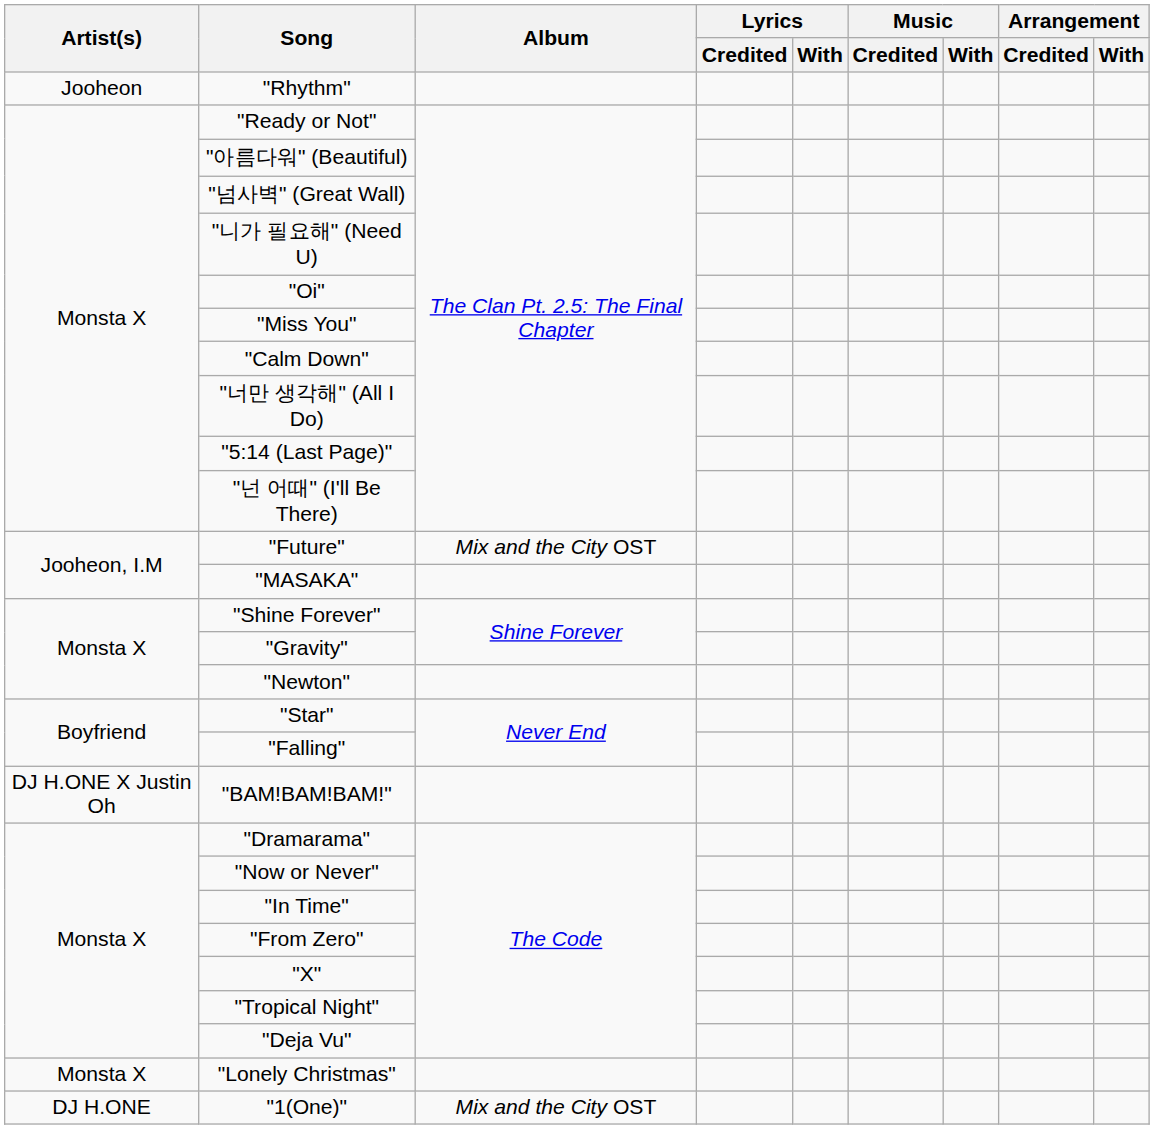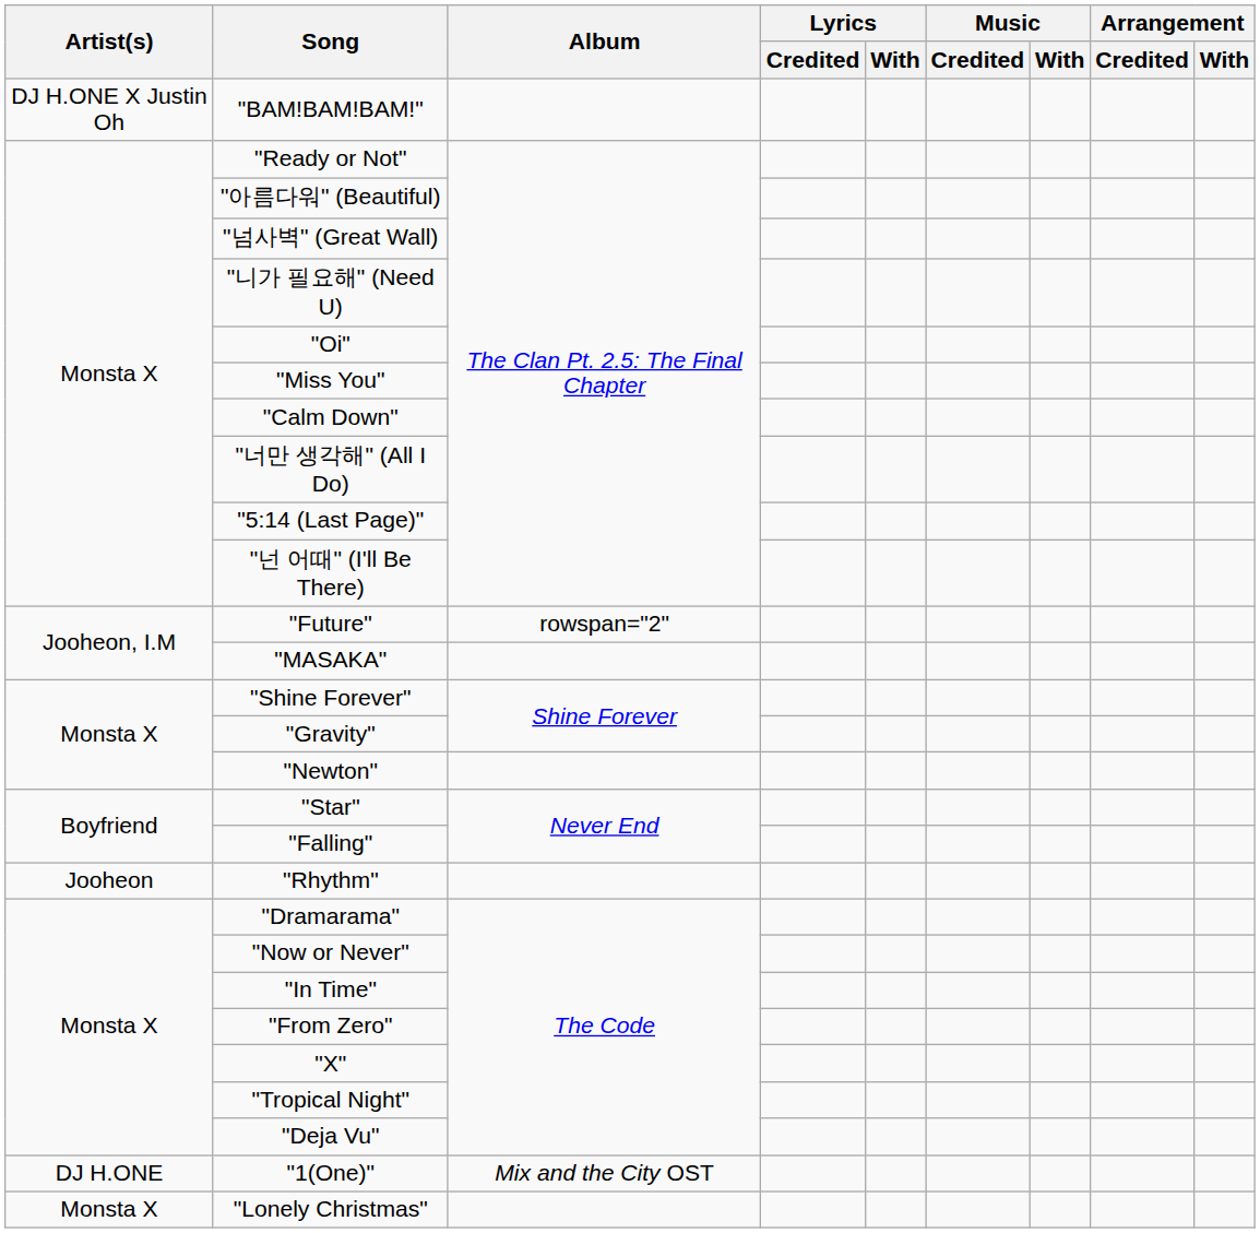 <table class="wikitable" style="text-align: center;">
 <tr>
 <th rowspan="2">Artist(s)</th>
 <th rowspan="2">Song</th>
 <th rowspan="2">Album</th>
 <th colspan="2">Lyrics</th>
 <th colspan="2">Music</th>
 <th colspan="2">Arrangement</th>
 </tr>
 <tr>
 <th>Credited</th>
 <th>With</th>
 <th>Credited</th>
 <th>With</th>
 <th>Credited</th>
 <th>With</th>
 </tr>
 <tr>
-<td>Jooheon</td>
-<td>"Rhythm"</td>
+<td>DJ H.ONE X Justin Oh </td>
+<td>"BAM!BAM!BAM!"</td>
 <td></td>
 <td></td>
 <td></td>
 <td></td>
 <td></td>
 <td></td>
 <td></td>
 </tr>
 <tr>
 <td rowspan="10">Monsta X</td>
 <td>"Ready or Not"</td>
 <td rowspan="10"><em><a href='#'>The Clan Pt. 2.5: The Final Chapter</a></em></td>
 <td></td>
 <td></td>
 <td></td>
 <td></td>
 <td></td>
 <td></td>
 </tr>
 <tr>
 <td>"아름다워" (Beautiful)</td>
 <td></td>
 <td></td>
 <td></td>
 <td></td>
 <td></td>
 <td></td>
 </tr>
 <tr>
 <td>"넘사벽" (Great Wall)</td>
 <td></td>
 <td></td>
 <td></td>
 <td></td>
 <td></td>
 <td></td>
 </tr>
 <tr>
 <td>"니가 필요해" (Need U)</td>
 <td></td>
 <td></td>
 <td></td>
 <td></td>
 <td></td>
 <td></td>
 </tr>
 <tr>
 <td>"Oi"</td>
 <td></td>
 <td></td>
 <td></td>
 <td></td>
 <td></td>
 <td></td>
 </tr>
 <tr>
 <td>"Miss You"</td>
 <td></td>
 <td></td>
 <td></td>
 <td></td>
 <td></td>
 <td></td>
 </tr>
 <tr>
 <td>"Calm Down"</td>
 <td></td>
 <td></td>
 <td></td>
 <td></td>
 <td></td>
 <td></td>
 </tr>
 <tr>
 <td>"너만 생각해" (All I Do)</td>
 <td></td>
 <td></td>
 <td></td>
 <td></td>
 <td></td>
 <td></td>
 </tr>
 <tr>
 <td>"5:14 (Last Page)"</td>
 <td></td>
 <td></td>
 <td></td>
 <td></td>
 <td></td>
 <td></td>
 </tr>
 <tr>
 <td>"넌 어때" (I'll Be There)</td>
 <td></td>
 <td></td>
 <td></td>
 <td></td>
 <td></td>
 <td></td>
 </tr>
 <tr>
 <td rowspan="2">Jooheon, I.M</td>
 <td>"Future"</td>
-<td><em>Mix and the City</em> OST</td>
+<td>rowspan="2" </td>
 <td></td>
 <td></td>
 <td></td>
 <td></td>
 <td></td>
 <td></td>
 </tr>
 <tr>
 <td>"MASAKA"</td>
 <td></td>
 <td></td>
 <td></td>
 <td></td>
 <td></td>
 <td></td>
 </tr>
 <tr>
 <td rowspan="3">Monsta X</td>
 <td>"Shine Forever"</td>
 <td rowspan="2"><em><a href='#'>Shine Forever</a></em></td>
 <td></td>
 <td></td>
 <td></td>
 <td></td>
 <td></td>
 <td></td>
 </tr>
 <tr>
 <td>"Gravity"</td>
 <td></td>
 <td></td>
 <td></td>
 <td></td>
 <td></td>
 <td></td>
 </tr>
 <tr>
 <td>"Newton"</td>
 <td></td>
 <td></td>
 <td></td>
 <td></td>
 <td></td>
 <td></td>
 <td></td>
 </tr>
 <tr>
 <td rowspan="2">Boyfriend</td>
 <td>"Star"</td>
 <td rowspan="2"><em><a href='#'>Never End</a></em></td>
 <td></td>
 <td></td>
 <td></td>
 <td></td>
 <td></td>
 <td></td>
 </tr>
 <tr>
 <td>"Falling"</td>
 <td></td>
 <td></td>
 <td></td>
 <td></td>
 <td></td>
 <td></td>
 </tr>
 <tr>
-<td>DJ H.ONE X Justin Oh </td>
-<td>"BAM!BAM!BAM!"</td>
+<td>Jooheon</td>
+<td>"Rhythm"</td>
 <td></td>
 <td></td>
 <td></td>
 <td></td>
 <td></td>
 <td></td>
 <td></td>
 </tr>
 <tr>
 <td rowspan="7">Monsta X</td>
 <td>"Dramarama"</td>
 <td rowspan="7"><em><a href='#'>The Code</a></em></td>
 <td></td>
 <td></td>
 <td></td>
 <td></td>
 <td></td>
 <td></td>
 </tr>
 <tr>
 <td>"Now or Never"</td>
 <td></td>
 <td></td>
 <td></td>
 <td></td>
 <td></td>
 <td></td>
 </tr>
 <tr>
 <td>"In Time"</td>
 <td></td>
 <td></td>
 <td></td>
 <td></td>
 <td></td>
 <td></td>
 </tr>
 <tr>
 <td>"From Zero"</td>
 <td></td>
 <td></td>
 <td></td>
 <td></td>
 <td></td>
 <td></td>
 </tr>
 <tr>
 <td>"X"</td>
 <td></td>
 <td></td>
 <td></td>
 <td></td>
 <td></td>
 <td></td>
 </tr>
 <tr>
 <td>"Tropical Night"</td>
 <td></td>
 <td></td>
 <td></td>
 <td></td>
 <td></td>
 <td></td>
 </tr>
 <tr>
 <td>"Deja Vu"</td>
 <td></td>
 <td></td>
 <td></td>
 <td></td>
 <td></td>
 <td></td>
 </tr>
 <tr>
+<td>DJ H.ONE</td>
+<td>"1(One)"</td>
+<td><em>Mix and the City</em> OST</td>
+<td></td>
+<td></td>
+<td></td>
+<td></td>
+<td></td>
+<td></td>
+</tr>
+<tr>
 <td>Monsta X</td>
 <td>"Lonely Christmas"</td>
 <td></td>
 <td></td>
 <td></td>
 <td></td>
 <td></td>
 <td></td>
 <td></td>
 </tr>
-<tr>
-<td>DJ H.ONE</td>
-<td>"1(One)"</td>
-<td><em>Mix and the City</em> OST</td>
-<td></td>
-<td></td>
-<td></td>
-<td></td>
-<td></td>
-<td></td>
-</tr>
 </table>
